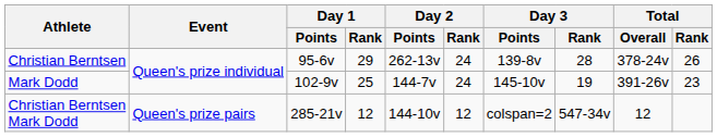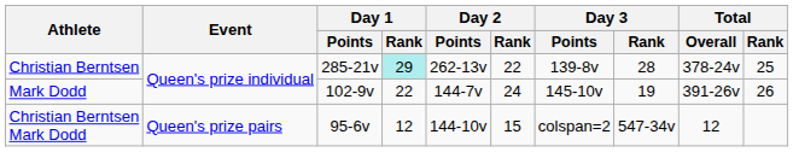 <table class="wikitable" style="font-size:90%">
 <tr>
 <th rowspan=2>Athlete</th>
 <th rowspan=2>Event</th>
 <th colspan=2>Day 1</th>
 <th colspan=2>Day 2</th>
 <th colspan=2>Day 3</th>
 <th colspan=2>Total</th>
 </tr>
 <tr style="font-size:95%">
 <th>Points</th>
 <th>Rank</th>
 <th>Points</th>
 <th>Rank</th>
 <th>Points</th>
 <th>Rank</th>
 <th>Overall</th>
 <th>Rank</th>
 </tr>
 <tr align=center>
 <td align=left><a href='#'>Christian Berntsen</a></td>
 <td align=left rowspan=2><a href='#'>Queen's prize individual</a></td>
-<td>95-6v</td>
-<td>29</td>
+<td>285-21v</td>
+<td style="background: paleturquoise;">29</td>
 <td>262-13v</td>
-<td>24</td>
+<td>22</td>
 <td>139-8v</td>
 <td>28</td>
 <td>378-24v</td>
-<td>26</td>
+<td>25</td>
 </tr>
 <tr align=center>
 <td align=left><a href='#'>Mark Dodd</a></td>
 <td>102-9v</td>
-<td>25</td>
+<td>22</td>
 <td>144-7v</td>
 <td>24</td>
 <td>145-10v</td>
 <td>19</td>
 <td>391-26v</td>
-<td>23</td>
+<td>26</td>
 </tr>
 <tr align=center>
 <td align=left><a href='#'>Christian Berntsen</a><br><a href='#'>Mark Dodd</a></td>
 <td align=left><a href='#'>Queen's prize pairs</a></td>
-<td>285-21v</td>
+<td>95-6v</td>
 <td>12</td>
 <td>144-10v</td>
-<td>12</td>
+<td>15</td>
 <td>colspan=2 </td>
 <td>547-34v</td>
 <td>12</td>
 </tr>
 </table>
